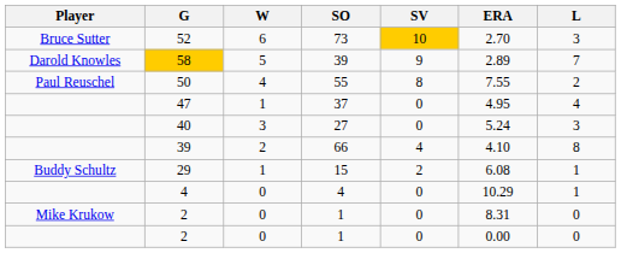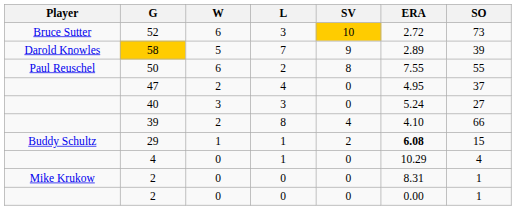 <table class="wikitable sortable">
 <tr>
 <th bgcolor="#DDDDFF" width="16%">Player</th>
 <th bgcolor="#DDDDFF" width="9%">G</th>
 <th bgcolor="#DDDDFF" width="9%">W</th>
-<th bgcolor="#DDDDFF" width="9%">SO</th>
+<th bgcolor="#DDDDFF" width="9%">L</th>
 <th bgcolor="#DDDDFF" width="9%">SV</th>
 <th bgcolor="#DDDDFF" width="9%">ERA</th>
-<th bgcolor="#DDDDFF" width="9%">L</th>
+<th bgcolor="#DDDDFF" width="9%">SO</th>
 </tr>
 <tr align="center">
 <td><a href='#'>Bruce Sutter</a></td>
 <td>52</td>
 <td>6</td>
+<td>3</td>
+<td style="background:#fc0;">10</td>
+<td>2.72</td>
 <td>73</td>
-<td style="background:#fc0;">10</td>
-<td>2.70</td>
-<td>3</td>
 </tr>
 <tr align=center>
 <td><a href='#'>Darold Knowles</a></td>
 <td style="background:#fc0;">58</td>
 <td>5</td>
-<td>39</td>
+<td>7</td>
 <td>9</td>
 <td>2.89</td>
-<td>7</td>
+<td>39</td>
 </tr>
 <tr align=center>
 <td><a href='#'>Paul Reuschel</a></td>
 <td>50</td>
-<td>4</td>
-<td>55</td>
+<td>6</td>
+<td>2</td>
 <td>8</td>
 <td>7.55</td>
-<td>2</td>
+<td>55</td>
 </tr>
 <tr align=center>
 <td></td>
 <td>47</td>
-<td>1</td>
-<td>37</td>
+<td>2</td>
+<td>4</td>
 <td>0</td>
 <td>4.95</td>
-<td>4</td>
+<td>37</td>
 </tr>
 <tr align="center">
 <td></td>
 <td>40</td>
 <td>3</td>
-<td>27</td>
+<td>3</td>
 <td>0</td>
 <td>5.24</td>
-<td>3</td>
+<td>27</td>
 </tr>
 <tr align="center">
 <td></td>
 <td>39</td>
 <td>2</td>
-<td>66</td>
+<td>8</td>
 <td>4</td>
 <td>4.10</td>
-<td>8</td>
+<td>66</td>
 </tr>
 <tr align="center">
 <td><a href='#'>Buddy Schultz</a></td>
 <td>29</td>
 <td>1</td>
+<td>1</td>
+<td>2</td>
+<td><strong>6.08</strong></td>
 <td>15</td>
-<td>2</td>
-<td>6.08</td>
-<td>1</td>
 </tr>
 <tr align="center">
 <td></td>
 <td>4</td>
 <td>0</td>
-<td>4</td>
+<td>1</td>
 <td>0</td>
 <td>10.29</td>
-<td>1</td>
+<td>4</td>
 </tr>
 <tr align="center">
 <td><a href='#'>Mike Krukow</a></td>
 <td>2</td>
 <td>0</td>
-<td>1</td>
+<td>0</td>
 <td>0</td>
 <td>8.31</td>
-<td>0</td>
+<td>1</td>
 </tr>
 <tr align=center>
 <td></td>
 <td>2</td>
 <td>0</td>
-<td>1</td>
+<td>0</td>
 <td>0</td>
 <td>0.00</td>
-<td>0</td>
+<td>1</td>
 </tr>
 </table>
